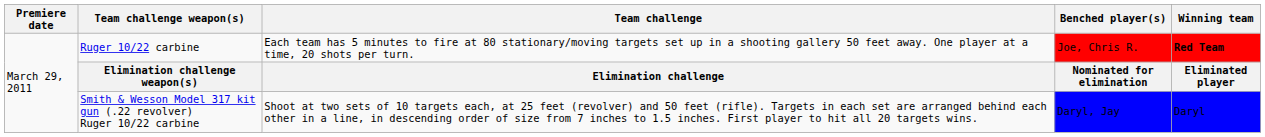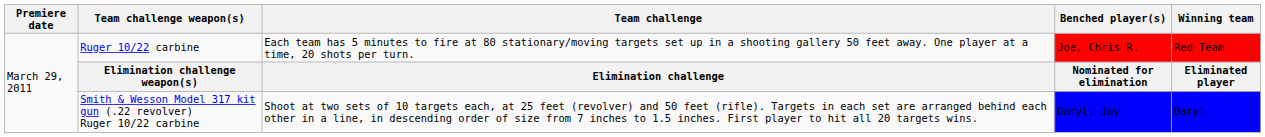 <table class="wikitable">
 <tr>
 <th>Premiere date</th>
 <th>Team challenge weapon(s)</th>
 <th>Team challenge</th>
 <th>Benched player(s)</th>
 <th>Winning team</th>
 </tr>
 <tr>
 <td rowspan="3">March 29, 2011</td>
 <td><a href='#'>Ruger 10/22</a> carbine</td>
 <td>Each team has 5 minutes to fire at 80 stationary/moving targets set up in a shooting gallery 50 feet away. One player at a time, 20 shots per turn.</td>
 <td style="background:red;"><span>Joe, Chris R.</span></td>
-<td style="background:red;"><strong><span>Red Team</span></strong></td>
+<td style="background:red;"><span>Red Team</span></td>
 </tr>
 <tr>
 <th>Elimination challenge weapon(s)</th>
 <th>Elimination challenge</th>
 <th>Nominated for elimination</th>
 <th>Eliminated player</th>
 </tr>
 <tr>
 <td><a href='#'>Smith & Wesson Model 317 kit gun</a> (.22 revolver)<br>Ruger 10/22 carbine</td>
 <td>Shoot at two sets of 10 targets each, at 25 feet (revolver) and 50 feet (rifle). Targets in each set are arranged behind each other in a line, in descending order of size from 7 inches to 1.5 inches. First player to hit all 20 targets wins.</td>
 <td style="background:blue;"><span>Daryl, Jay</span></td>
 <td style="background:blue;"><span>Daryl</span></td>
 </tr>
 </table>
